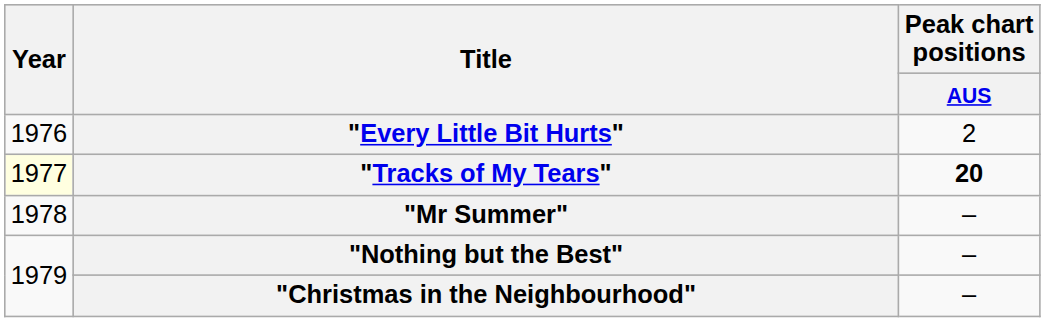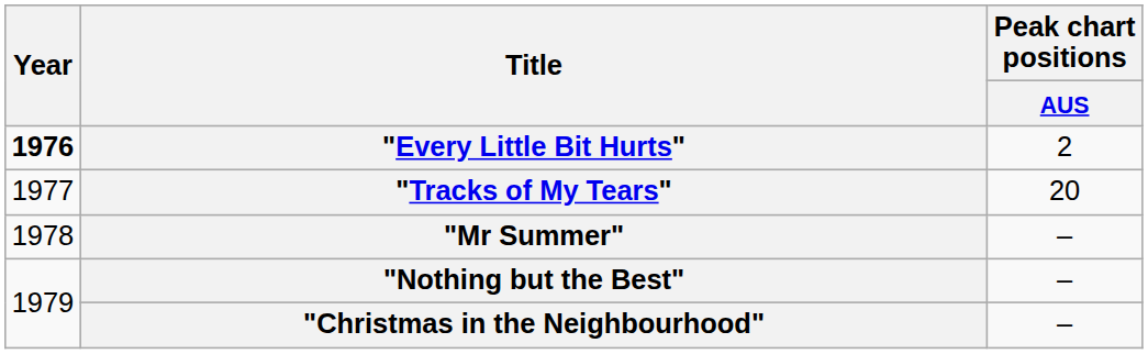 <table class="wikitable plainrowheaders" style="text-align:center;" border="1">
 <tr>
 <th scope="col" rowspan="2">Year</th>
 <th scope="col" rowspan="2" style="width:32em;">Title</th>
 <th scope="col" colspan="1">Peak chart<br>positions</th>
 </tr>
 <tr>
 <th scope="col" style="text-align:center;"><small><a href='#'>AUS</a></small><br></th>
 </tr>
 <tr>
-<td>1976</td>
+<td><strong>1976</strong></td>
 <th scope="row">"<a href='#'>Every Little Bit Hurts</a>"</th>
 <td style="text-align:center;">2</td>
 </tr>
 <tr>
-<td style="background: lightyellow;">1977</td>
+<td>1977</td>
 <th scope="row">"<a href='#'>Tracks of My Tears</a>"</th>
-<td style="text-align:center;"><strong>20</strong></td>
+<td style="text-align:center;">20</td>
 </tr>
 <tr>
 <td>1978</td>
 <th scope="row">"Mr Summer"</th>
 <td style="text-align:center;">–</td>
 </tr>
 <tr>
 <td rowspan="2">1979</td>
 <th scope="row">"Nothing but the Best"</th>
 <td style="text-align:center;">–</td>
 </tr>
 <tr>
 <th scope="row">"Christmas in the Neighbourhood"</th>
 <td style="text-align:center;">–</td>
 </tr>
 </table>
